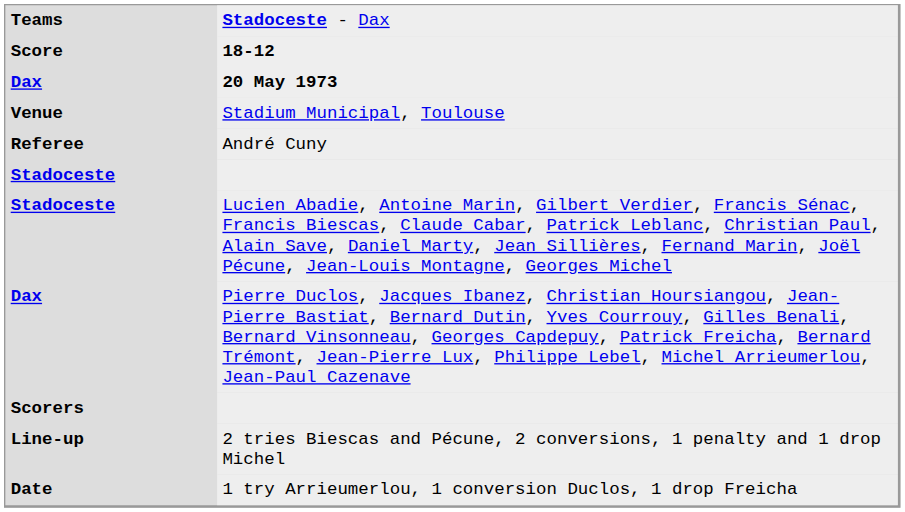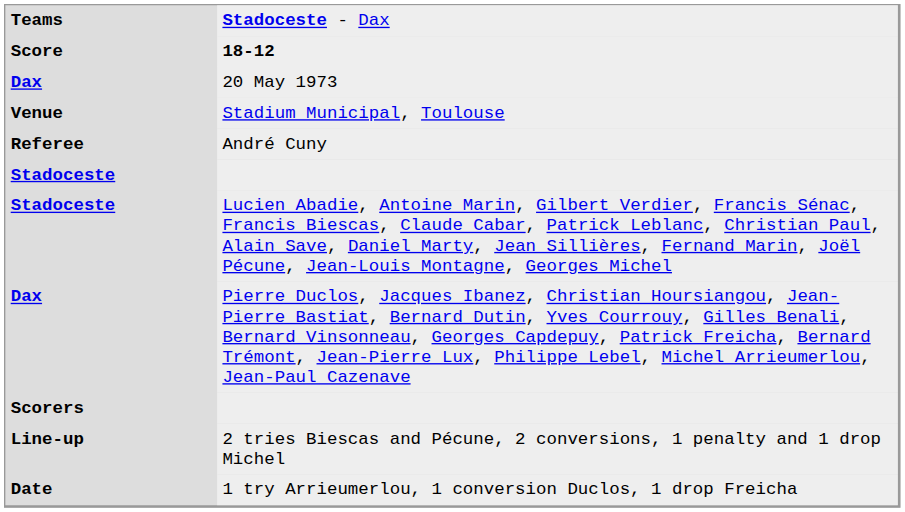 <table align="left" cellpadding="4" cellspacing="0"  style="margin: 0 0 0 0; border: 1px solid #999; border-right-width: 2px; border-bottom-width: 2px; background-color: #DDDDDD">
 <tr>
 <td width="150" valign="top"><strong>Teams</strong></td>
 <td width="500" bgcolor=#EEEEEE><strong><a href='#'>Stadoceste</a></strong> - <a href='#'>Dax</a></td>
 </tr>
 <tr>
 <td valign="top"><strong>Score</strong></td>
 <td bgcolor=#EEEEEE><strong>18-12</strong></td>
 </tr>
 <tr>
 <td valign="top"><strong><a href='#'>Dax</a></strong></td>
-<td bgcolor=#EEEEEE><strong>20 May 1973</strong></td>
+<td bgcolor=#EEEEEE>20 May 1973</td>
 </tr>
 <tr>
 <td valign="top"><strong>Venue</strong></td>
 <td bgcolor=#EEEEEE><a href='#'>Stadium Municipal</a>, <a href='#'>Toulouse</a></td>
 </tr>
 <tr>
 <td valign="top"><strong>Referee</strong></td>
 <td bgcolor=#EEEEEE>André Cuny</td>
 </tr>
 <tr>
 <td valign="top"><strong><a href='#'>Stadoceste</a></strong></td>
 <td bgcolor=#EEEEEE></td>
 </tr>
 <tr>
 <td valign="top"><strong><a href='#'>Stadoceste</a></strong></td>
 <td bgcolor=#EEEEEE><a href='#'>Lucien Abadie</a>, <a href='#'>Antoine Marin</a>, <a href='#'>Gilbert Verdier</a>, <a href='#'>Francis Sénac</a>, <a href='#'>Francis Biescas</a>, <a href='#'>Claude Cabar</a>, <a href='#'>Patrick Leblanc</a>, <a href='#'>Christian Paul</a>, <a href='#'>Alain Save</a>, <a href='#'>Daniel Marty</a>, <a href='#'>Jean Sillières</a>, <a href='#'>Fernand Marin</a>, <a href='#'>Joël Pécune</a>, <a href='#'>Jean-Louis Montagne</a>, <a href='#'>Georges Michel</a></td>
 </tr>
 <tr>
 <td valign="top"><strong><a href='#'>Dax</a></strong></td>
 <td bgcolor=#EEEEEE><a href='#'>Pierre Duclos</a>, <a href='#'>Jacques Ibanez</a>, <a href='#'>Christian Hoursiangou</a>, <a href='#'>Jean-Pierre Bastiat</a>, <a href='#'>Bernard Dutin</a>, <a href='#'>Yves Courrouy</a>, <a href='#'>Gilles Benali</a>, <a href='#'>Bernard Vinsonneau</a>, <a href='#'>Georges Capdepuy</a>, <a href='#'>Patrick Freicha</a>, <a href='#'>Bernard Trémont</a>, <a href='#'>Jean-Pierre Lux</a>, <a href='#'>Philippe Lebel</a>, <a href='#'>Michel Arrieumerlou</a>, <a href='#'>Jean-Paul Cazenave</a></td>
 </tr>
 <tr>
 <td valign="top"><strong>Scorers</strong></td>
 <td bgcolor=#EEEEEE></td>
 </tr>
 <tr>
 <td valign="top"><strong>Line-up</strong></td>
 <td bgcolor=#EEEEEE>2 tries Biescas and Pécune, 2 conversions, 1 penalty and 1 drop Michel</td>
 </tr>
 <tr>
 <td valign="top"><strong>Date</strong></td>
 <td bgcolor=#EEEEEE>1 try Arrieumerlou, 1 conversion Duclos, 1 drop Freicha</td>
 </tr>
 </table>
